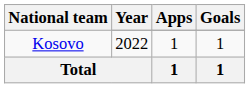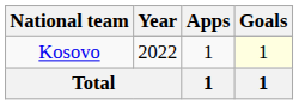 <table class="wikitable" style="text-align:center">
 <tr>
 <th>National team</th>
 <th>Year</th>
 <th>Apps</th>
 <th>Goals</th>
 </tr>
 <tr>
 <td rowspan="2"><a href='#'>Kosovo</a></td>
 </tr>
 <tr>
 <td>2022</td>
 <td>1</td>
-<td>1</td>
+<td style="background: lightyellow;">1</td>
 </tr>
 <tr>
 <th colspan="2">Total</th>
 <th>1</th>
 <th>1</th>
 </tr>
 </table>
